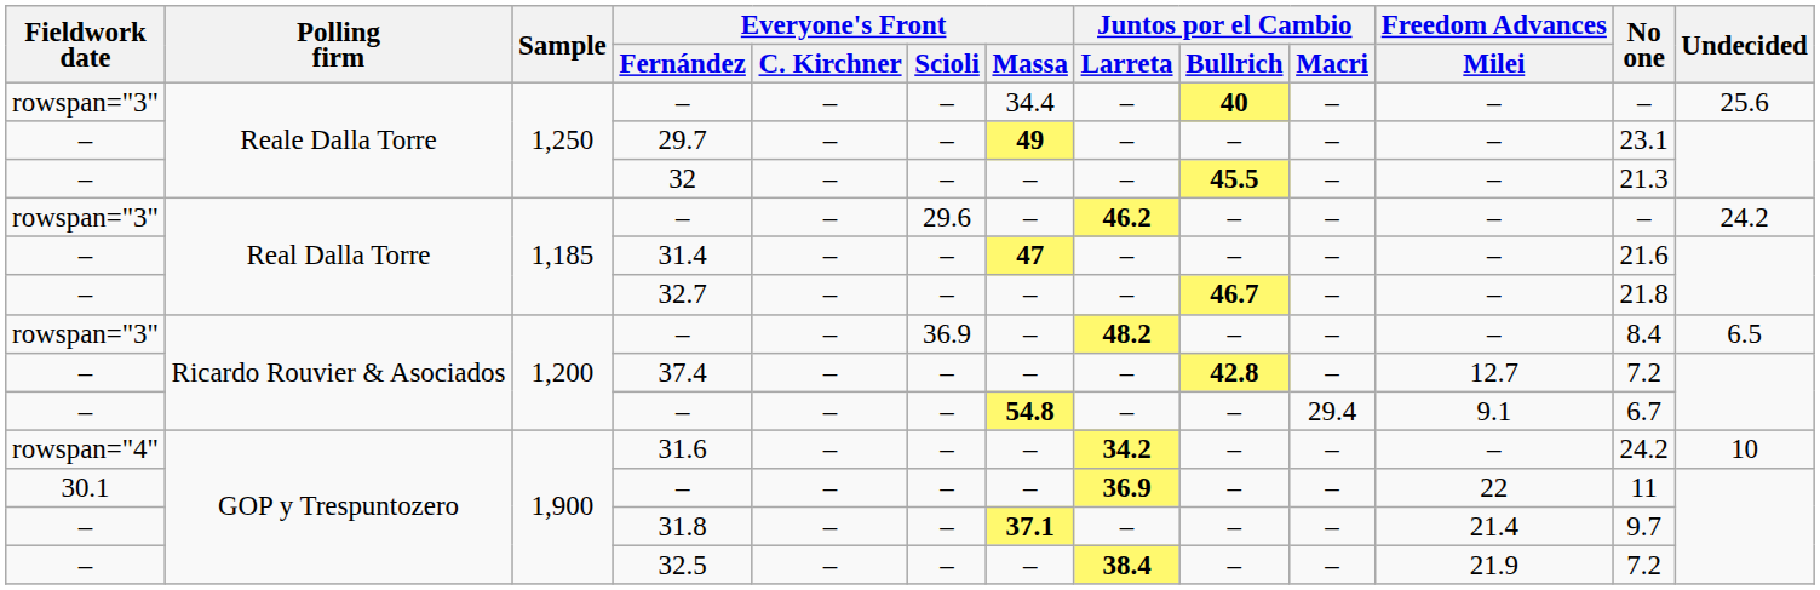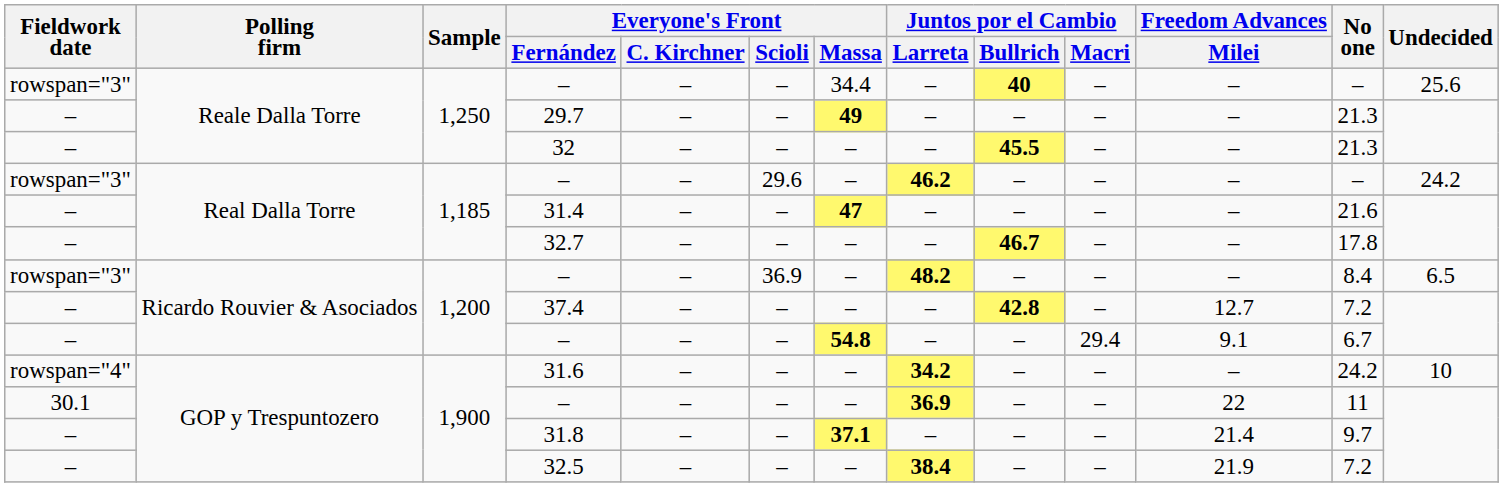 <table class="wikitable" style="text-align:center;font-size:95%;line-height:14px;">
 <tr>
 <th rowspan="2">Fieldwork<br>date</th>
 <th rowspan="2">Polling<br>firm</th>
 <th rowspan="2">Sample</th>
 <th colspan="4"><a href='#'>Everyone's Front</a></th>
 <th colspan="3"><a href='#'>Juntos por el Cambio</a></th>
 <th colspan="1"><a href='#'>Freedom Advances</a></th>
 <th rowspan="2">No<br>one</th>
 <th rowspan="2">Undecided</th>
 </tr>
 <tr>
 <th><a href='#'>Fernández</a></th>
 <th><a href='#'>C. Kirchner</a></th>
 <th><a href='#'>Scioli</a></th>
 <th><a href='#'>Massa</a></th>
 <th><a href='#'>Larreta</a></th>
 <th><a href='#'>Bullrich</a></th>
 <th><a href='#'>Macri</a></th>
 <th><a href='#'>Milei</a></th>
 </tr>
 <tr>
 <td>rowspan="3" </td>
 <td rowspan="3">Reale Dalla Torre</td>
 <td rowspan="3">1,250</td>
 <td>–</td>
 <td>–</td>
 <td>–</td>
 <td>34.4</td>
 <td>–</td>
 <td bgcolor="#FFF96E"><strong>40</strong></td>
 <td>–</td>
 <td>–</td>
 <td>–</td>
 <td>25.6</td>
 </tr>
 <tr>
 <td>–</td>
 <td>29.7</td>
 <td>–</td>
 <td>–</td>
 <td bgcolor="#FFF96E"><strong>49</strong></td>
 <td>–</td>
 <td>–</td>
 <td>–</td>
 <td>–</td>
-<td>23.1</td>
+<td>21.3</td>
 </tr>
 <tr>
 <td>–</td>
 <td>32</td>
 <td>–</td>
 <td>–</td>
 <td>–</td>
 <td>–</td>
 <td bgcolor="#FFF96E"><strong>45.5</strong></td>
 <td>–</td>
 <td>–</td>
 <td>21.3</td>
 </tr>
 <tr>
 <td>rowspan="3" </td>
 <td rowspan="3">Real Dalla Torre</td>
 <td rowspan="3">1,185</td>
 <td>–</td>
 <td>–</td>
 <td>29.6</td>
 <td>–</td>
 <td bgcolor="#FFF96E"><strong>46.2</strong></td>
 <td>–</td>
 <td>–</td>
 <td>–</td>
 <td>–</td>
 <td>24.2</td>
 </tr>
 <tr>
 <td>–</td>
 <td>31.4</td>
 <td>–</td>
 <td>–</td>
 <td bgcolor="#FFF96E"><strong>47</strong></td>
 <td>–</td>
 <td>–</td>
 <td>–</td>
 <td>–</td>
 <td>21.6</td>
 </tr>
 <tr>
 <td>–</td>
 <td>32.7</td>
 <td>–</td>
 <td>–</td>
 <td>–</td>
 <td>–</td>
 <td bgcolor="#FFF96E"><strong>46.7</strong></td>
 <td>–</td>
 <td>–</td>
-<td>21.8</td>
+<td>17.8</td>
 </tr>
 <tr>
 <td>rowspan="3" </td>
 <td rowspan="3">Ricardo Rouvier & Asociados</td>
 <td rowspan="3">1,200</td>
 <td>–</td>
 <td>–</td>
 <td>36.9</td>
 <td>–</td>
 <td bgcolor="#FFF96E"><strong>48.2</strong></td>
 <td>–</td>
 <td>–</td>
 <td>–</td>
 <td>8.4</td>
 <td>6.5</td>
 </tr>
 <tr>
 <td>–</td>
 <td>37.4</td>
 <td>–</td>
 <td>–</td>
 <td>–</td>
 <td>–</td>
 <td bgcolor="#FFF96E"><strong>42.8</strong></td>
 <td>–</td>
 <td>12.7</td>
 <td>7.2</td>
 </tr>
 <tr>
 <td>–</td>
 <td>–</td>
 <td>–</td>
 <td>–</td>
 <td bgcolor="#FFF96E"><strong>54.8</strong></td>
 <td>–</td>
 <td>–</td>
 <td>29.4</td>
 <td>9.1</td>
 <td>6.7</td>
 </tr>
 <tr>
 <td>rowspan="4" </td>
 <td rowspan="4">GOP y Trespuntozero</td>
 <td rowspan="4">1,900</td>
 <td>31.6</td>
 <td>–</td>
 <td>–</td>
 <td>–</td>
 <td bgcolor="#FFF96E"><strong>34.2</strong></td>
 <td>–</td>
 <td>–</td>
 <td>–</td>
 <td>24.2</td>
 <td>10</td>
 </tr>
 <tr>
 <td>30.1</td>
 <td>–</td>
 <td>–</td>
 <td>–</td>
 <td>–</td>
 <td bgcolor="#FFF96E"><strong>36.9</strong></td>
 <td>–</td>
 <td>–</td>
 <td>22</td>
 <td>11</td>
 </tr>
 <tr>
 <td>–</td>
 <td>31.8</td>
 <td>–</td>
 <td>–</td>
 <td bgcolor="#FFF96E"><strong>37.1</strong></td>
 <td>–</td>
 <td>–</td>
 <td>–</td>
 <td>21.4</td>
 <td>9.7</td>
 </tr>
 <tr>
 <td>–</td>
 <td>32.5</td>
 <td>–</td>
 <td>–</td>
 <td>–</td>
 <td bgcolor="#FFF96E"><strong>38.4</strong></td>
 <td>–</td>
 <td>–</td>
 <td>21.9</td>
 <td>7.2</td>
 </tr>
 </table>
